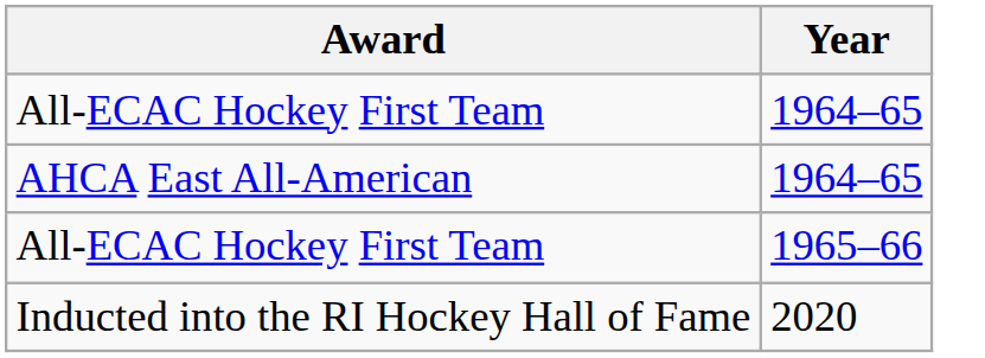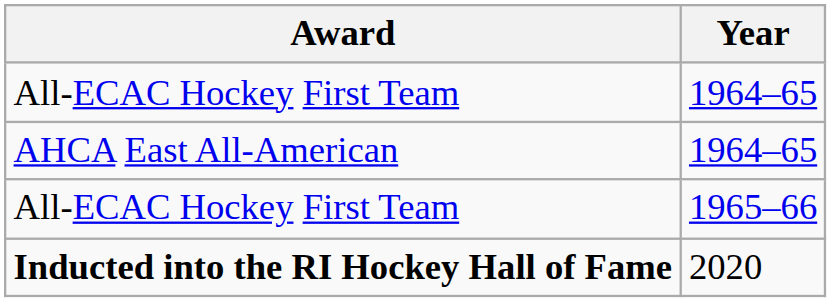 <table class="wikitable">
 <tr>
 <th>Award</th>
 <th>Year</th>
 </tr>
 <tr>
 <td>All-<a href='#'>ECAC Hockey</a> <a href='#'>First Team</a></td>
 <td><a href='#'>1964–65</a></td>
 </tr>
 <tr>
 <td><a href='#'>AHCA</a> <a href='#'>East All-American</a></td>
 <td><a href='#'>1964–65</a></td>
 </tr>
 <tr>
 <td>All-<a href='#'>ECAC Hockey</a> <a href='#'>First Team</a></td>
 <td><a href='#'>1965–66</a></td>
 </tr>
 <tr>
-<td>Inducted into the RI Hockey Hall of Fame</td>
+<td><strong>Inducted into the RI Hockey Hall of Fame</strong></td>
 <td>2020</td>
 </tr>
 </table>
